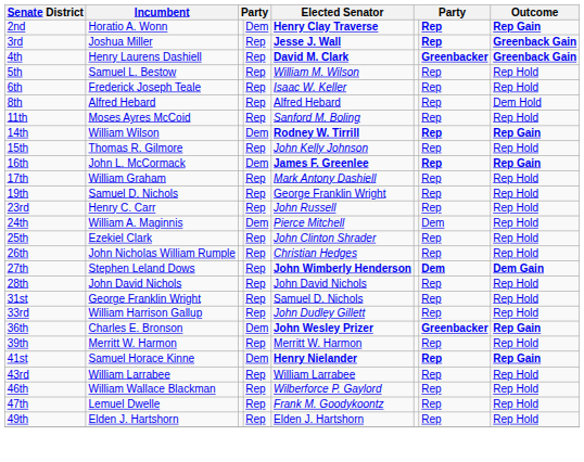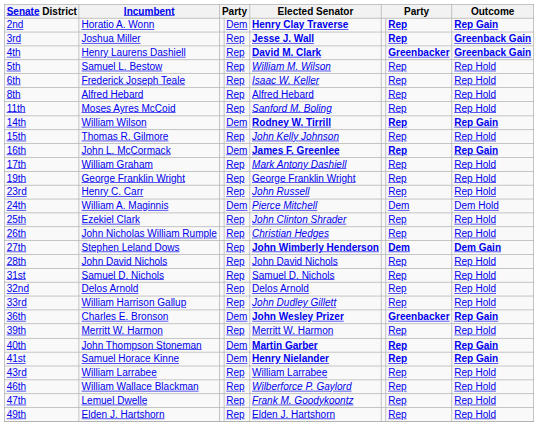 <table class="sortable wikitable" style="font-size:95%;line-height:14px;">
 <tr>
 <th class="sortable"><a href='#'>Senate</a> District</th>
 <th class="sortable"><a href='#'>Incumbent</a></th>
 <th colspan="2">Party</th>
 <th class="sortable">Elected Senator</th>
 <th colspan="2">Party</th>
 <th class="sortable">Outcome</th>
 </tr>
 <tr>
 <td><a href='#'>2nd</a></td>
 <td><a href='#'>Horatio A. Wonn</a></td>
 <td style="background:"></td>
 <td><a href='#'>Dem</a></td>
 <td><strong><a href='#'>Henry Clay Traverse</a></strong></td>
 <td style="background:"></td>
 <td><strong><a href='#'>Rep</a></strong></td>
 <td><strong><a href='#'>Rep Gain</a></strong></td>
 </tr>
 <tr>
 <td><a href='#'>3rd</a></td>
 <td><a href='#'>Joshua Miller</a></td>
 <td style="background:"></td>
 <td><a href='#'>Rep</a></td>
 <td><strong><a href='#'>Jesse J. Wall</a></strong></td>
 <td style="background:"></td>
 <td><strong><a href='#'>Rep</a></strong></td>
 <td><strong><a href='#'>Greenback Gain</a></strong></td>
 </tr>
 <tr>
 <td><a href='#'>4th</a></td>
 <td><a href='#'>Henry Laurens Dashiell</a></td>
 <td style="background:"></td>
 <td><a href='#'>Rep</a></td>
 <td><strong><a href='#'>David M. Clark</a></strong></td>
 <td style="background:"></td>
 <td><strong><a href='#'>Greenbacker</a></strong></td>
 <td><strong><a href='#'>Greenback Gain</a></strong></td>
 </tr>
 <tr>
 <td><a href='#'>5th</a></td>
 <td><a href='#'>Samuel L. Bestow</a></td>
 <td style="background:"></td>
 <td><a href='#'>Rep</a></td>
 <td><em><a href='#'>William M. Wilson</a></em></td>
 <td style="background:"></td>
 <td><a href='#'>Rep</a></td>
 <td><a href='#'>Rep Hold</a></td>
 </tr>
 <tr>
 <td><a href='#'>6th</a></td>
 <td><a href='#'>Frederick Joseph Teale</a></td>
 <td style="background:"></td>
 <td><a href='#'>Rep</a></td>
 <td><em><a href='#'>Isaac W. Keller</a></em></td>
 <td style="background:"></td>
 <td><a href='#'>Rep</a></td>
 <td><a href='#'>Rep Hold</a></td>
 </tr>
 <tr>
 <td><a href='#'>8th</a></td>
 <td><a href='#'>Alfred Hebard</a></td>
 <td style="background:"></td>
 <td><a href='#'>Rep</a></td>
 <td><a href='#'>Alfred Hebard</a></td>
 <td style="background:"></td>
 <td><a href='#'>Rep</a></td>
-<td><a href='#'>Dem Hold</a></td>
+<td><a href='#'>Rep Hold</a></td>
 </tr>
 <tr>
 <td><a href='#'>11th</a></td>
 <td><a href='#'>Moses Ayres McCoid</a></td>
 <td style="background:"></td>
 <td><a href='#'>Rep</a></td>
 <td><em><a href='#'>Sanford M. Boling</a></em></td>
 <td style="background:"></td>
 <td><a href='#'>Rep</a></td>
 <td><a href='#'>Rep Hold</a></td>
 </tr>
 <tr>
 <td><a href='#'>14th</a></td>
 <td><a href='#'>William Wilson</a></td>
 <td style="background:"></td>
 <td><a href='#'>Dem</a></td>
 <td><strong><a href='#'>Rodney W. Tirrill</a></strong></td>
 <td style="background:"></td>
 <td><strong><a href='#'>Rep</a></strong></td>
 <td><strong><a href='#'>Rep Gain</a></strong></td>
 </tr>
 <tr>
 <td><a href='#'>15th</a></td>
 <td><a href='#'>Thomas R. Gilmore</a></td>
 <td style="background:"></td>
 <td><a href='#'>Rep</a></td>
 <td><em><a href='#'>John Kelly Johnson</a></em></td>
 <td style="background:"></td>
 <td><a href='#'>Rep</a></td>
 <td><a href='#'>Rep Hold</a></td>
 </tr>
 <tr>
 <td><a href='#'>16th</a></td>
 <td><a href='#'>John L. McCormack</a></td>
 <td style="background:"></td>
 <td><a href='#'>Dem</a></td>
 <td><strong><a href='#'>James F. Greenlee</a></strong></td>
 <td style="background:"></td>
 <td><strong><a href='#'>Rep</a></strong></td>
 <td><strong><a href='#'>Rep Gain</a></strong></td>
 </tr>
 <tr>
 <td><a href='#'>17th</a></td>
 <td><a href='#'>William Graham</a></td>
 <td style="background:"></td>
 <td><a href='#'>Rep</a></td>
 <td><em><a href='#'>Mark Antony Dashiell</a></em></td>
 <td style="background:"></td>
 <td><a href='#'>Rep</a></td>
 <td><a href='#'>Rep Hold</a></td>
 </tr>
 <tr>
 <td><a href='#'>19th</a></td>
-<td><a href='#'>Samuel D. Nichols</a></td>
+<td><a href='#'>George Franklin Wright</a></td>
 <td style="background:"></td>
 <td><a href='#'>Rep</a></td>
 <td><a href='#'>George Franklin Wright</a></td>
 <td style="background:"></td>
 <td><a href='#'>Rep</a></td>
 <td><a href='#'>Rep Hold</a></td>
 </tr>
 <tr>
 <td><a href='#'>23rd</a></td>
 <td><a href='#'>Henry C. Carr</a></td>
 <td style="background:"></td>
 <td><a href='#'>Rep</a></td>
 <td><em><a href='#'>John Russell</a></em></td>
 <td style="background:"></td>
 <td><a href='#'>Rep</a></td>
 <td><a href='#'>Rep Hold</a></td>
 </tr>
 <tr>
 <td><a href='#'>24th</a></td>
 <td><a href='#'>William A. Maginnis</a></td>
 <td style="background:"></td>
 <td><a href='#'>Dem</a></td>
 <td><em><a href='#'>Pierce Mitchell</a></em></td>
 <td style="background:"></td>
 <td><a href='#'>Dem</a></td>
-<td><a href='#'>Rep Hold</a></td>
+<td><a href='#'>Dem Hold</a></td>
 </tr>
 <tr>
 <td><a href='#'>25th</a></td>
 <td><a href='#'>Ezekiel Clark</a></td>
 <td style="background:"></td>
 <td><a href='#'>Rep</a></td>
 <td><em><a href='#'>John Clinton Shrader</a></em></td>
 <td style="background:"></td>
 <td><a href='#'>Rep</a></td>
 <td><a href='#'>Rep Hold</a></td>
 </tr>
 <tr>
 <td><a href='#'>26th</a></td>
 <td><a href='#'>John Nicholas William Rumple</a></td>
 <td style="background:"></td>
 <td><a href='#'>Rep</a></td>
 <td><em><a href='#'>Christian Hedges</a></em></td>
 <td style="background:"></td>
 <td><a href='#'>Rep</a></td>
 <td><a href='#'>Rep Hold</a></td>
 </tr>
 <tr>
 <td><a href='#'>27th</a></td>
 <td><a href='#'>Stephen Leland Dows</a></td>
 <td style="background:"></td>
 <td><a href='#'>Rep</a></td>
 <td><strong><a href='#'>John Wimberly Henderson</a></strong></td>
 <td style="background:"></td>
 <td><strong><a href='#'>Dem</a></strong></td>
 <td><strong><a href='#'>Dem Gain</a></strong></td>
 </tr>
 <tr>
 <td><a href='#'>28th</a></td>
 <td><a href='#'>John David Nichols</a></td>
 <td style="background:"></td>
 <td><a href='#'>Rep</a></td>
 <td><a href='#'>John David Nichols</a></td>
 <td style="background:"></td>
 <td><a href='#'>Rep</a></td>
 <td><a href='#'>Rep Hold</a></td>
 </tr>
 <tr>
 <td><a href='#'>31st</a></td>
-<td><a href='#'>George Franklin Wright</a></td>
+<td><a href='#'>Samuel D. Nichols</a></td>
 <td style="background:"></td>
 <td><a href='#'>Rep</a></td>
 <td><a href='#'>Samuel D. Nichols</a></td>
+<td style="background:"></td>
+<td><a href='#'>Rep</a></td>
+<td><a href='#'>Rep Hold</a></td>
+</tr>
+<tr>
+<td><a href='#'>32nd</a></td>
+<td><a href='#'>Delos Arnold</a></td>
+<td style="background:"></td>
+<td><a href='#'>Rep</a></td>
+<td><a href='#'>Delos Arnold</a></td>
 <td style="background:"></td>
 <td><a href='#'>Rep</a></td>
 <td><a href='#'>Rep Hold</a></td>
 </tr>
 <tr>
 <td><a href='#'>33rd</a></td>
 <td><a href='#'>William Harrison Gallup</a></td>
 <td style="background:"></td>
 <td><a href='#'>Rep</a></td>
 <td><em><a href='#'>John Dudley Gillett</a></em></td>
 <td style="background:"></td>
 <td><a href='#'>Rep</a></td>
 <td><a href='#'>Rep Hold</a></td>
 </tr>
 <tr>
 <td><a href='#'>36th</a></td>
 <td><a href='#'>Charles E. Bronson</a></td>
 <td style="background:"></td>
 <td><a href='#'>Dem</a></td>
 <td><strong><a href='#'>John Wesley Prizer</a></strong></td>
 <td style="background:"></td>
 <td><strong><a href='#'>Greenbacker</a></strong></td>
 <td><strong><a href='#'>Rep Gain</a></strong></td>
 </tr>
 <tr>
 <td><a href='#'>39th</a></td>
 <td><a href='#'>Merritt W. Harmon</a></td>
 <td style="background:"></td>
 <td><a href='#'>Rep</a></td>
 <td><a href='#'>Merritt W. Harmon</a></td>
 <td style="background:"></td>
 <td><a href='#'>Rep</a></td>
 <td><a href='#'>Rep Hold</a></td>
+</tr>
+<tr>
+<td><a href='#'>40th</a></td>
+<td><a href='#'>John Thompson Stoneman</a></td>
+<td style="background:"></td>
+<td><a href='#'>Dem</a></td>
+<td><strong><a href='#'>Martin Garber</a></strong></td>
+<td style="background:"></td>
+<td><strong><a href='#'>Rep</a></strong></td>
+<td><strong><a href='#'>Rep Gain</a></strong></td>
 </tr>
 <tr>
 <td><a href='#'>41st</a></td>
 <td><a href='#'>Samuel Horace Kinne</a></td>
 <td style="background:"></td>
 <td><a href='#'>Dem</a></td>
 <td><strong><a href='#'>Henry Nielander</a></strong></td>
 <td style="background:"></td>
 <td><strong><a href='#'>Rep</a></strong></td>
 <td><strong><a href='#'>Rep Gain</a></strong></td>
 </tr>
 <tr>
 <td><a href='#'>43rd</a></td>
 <td><a href='#'>William Larrabee</a></td>
 <td style="background:"></td>
 <td><a href='#'>Rep</a></td>
 <td><a href='#'>William Larrabee</a></td>
 <td style="background:"></td>
 <td><a href='#'>Rep</a></td>
 <td><a href='#'>Rep Hold</a></td>
 </tr>
 <tr>
 <td><a href='#'>46th</a></td>
 <td><a href='#'>William Wallace Blackman</a></td>
 <td style="background:"></td>
 <td><a href='#'>Rep</a></td>
 <td><em><a href='#'>Wilberforce P. Gaylord</a></em></td>
 <td style="background:"></td>
 <td><a href='#'>Rep</a></td>
 <td><a href='#'>Rep Hold</a></td>
 </tr>
 <tr>
 <td><a href='#'>47th</a></td>
 <td><a href='#'>Lemuel Dwelle</a></td>
 <td style="background:"></td>
 <td><a href='#'>Rep</a></td>
 <td><em><a href='#'>Frank M. Goodykoontz</a></em></td>
 <td style="background:"></td>
 <td><a href='#'>Rep</a></td>
 <td><a href='#'>Rep Hold</a></td>
 </tr>
 <tr>
 <td><a href='#'>49th</a></td>
 <td><a href='#'>Elden J. Hartshorn</a></td>
 <td style="background:"></td>
 <td><a href='#'>Rep</a></td>
 <td><a href='#'>Elden J. Hartshorn</a></td>
 <td style="background:"></td>
 <td><a href='#'>Rep</a></td>
 <td><a href='#'>Rep Hold</a></td>
 </tr>
 <tr>
 </tr>
 </table>
